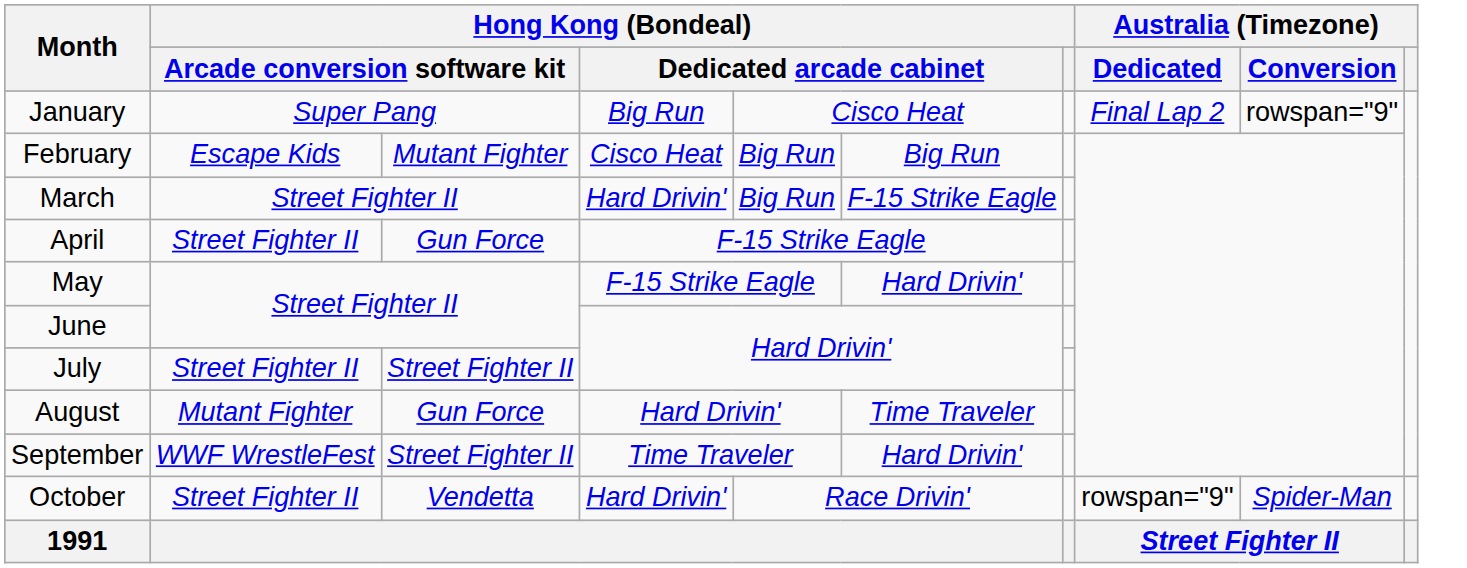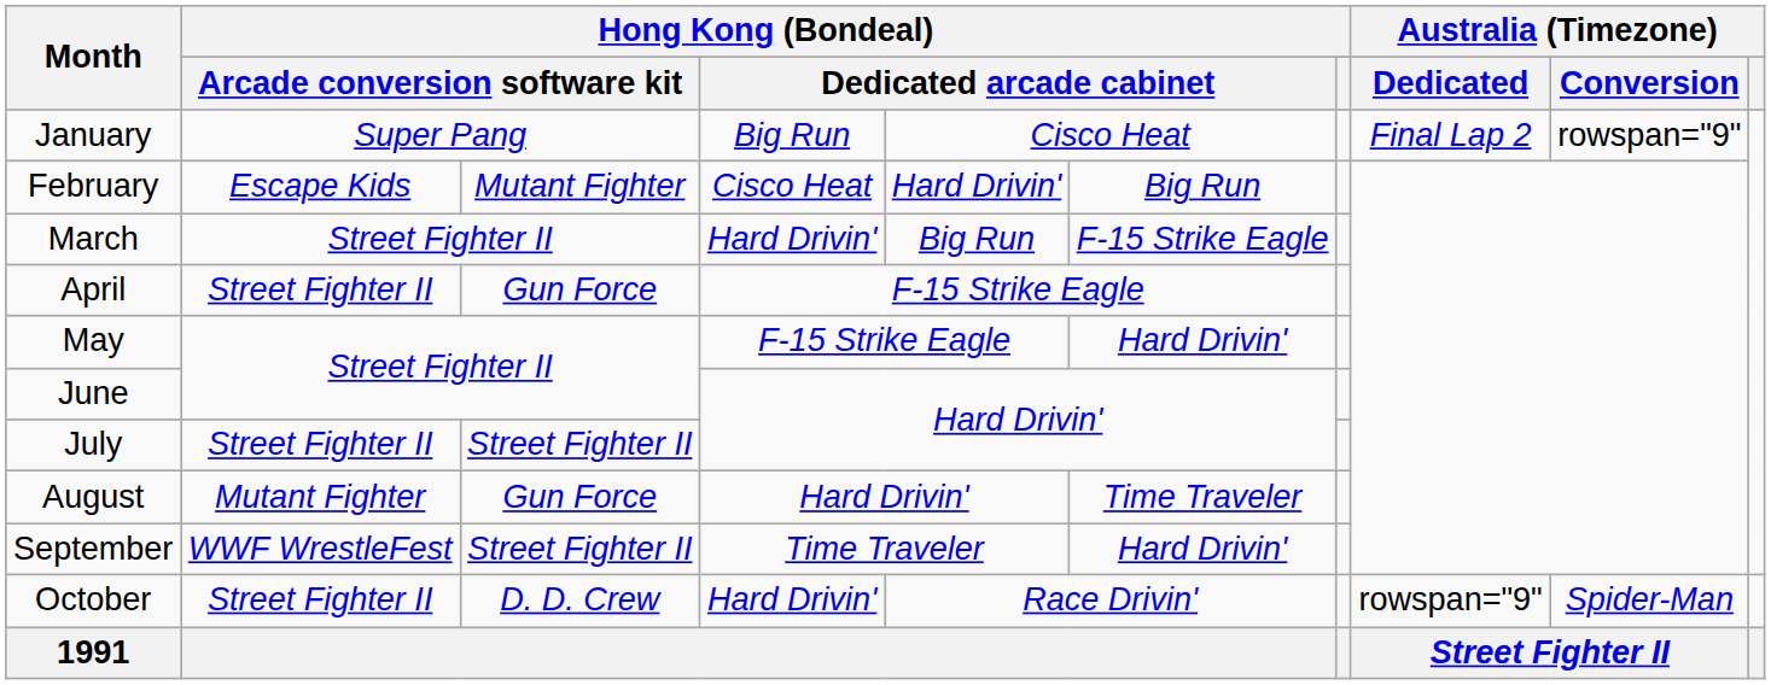 <table class="wikitable sortable" style="text-align:center">
 <tr>
 <th rowspan="2">Month</th>
 <th colspan="6"><a href='#'>Hong Kong</a> (Bondeal)</th>
 <th colspan="3"><a href='#'>Australia</a> (Timezone)</th>
 </tr>
 <tr>
 <th colspan="2"><a href='#'>Arcade conversion</a> software kit</th>
 <th colspan="3">Dedicated <a href='#'>arcade cabinet</a></th>
 <th class="unsortable"></th>
 <th><a href='#'>Dedicated</a></th>
 <th><a href='#'>Conversion</a></th>
 <th class="unsortable"></th>
 </tr>
 <tr>
 <td>January</td>
 <td colspan="2"><em><a href='#'>Super Pang</a></em></td>
 <td><em><a href='#'>Big Run</a></em></td>
 <td colspan="2"><em><a href='#'>Cisco Heat</a></em></td>
 <td></td>
 <td><em><a href='#'>Final Lap 2</a></em></td>
 <td>rowspan="9" </td>
 <td rowspan="9"></td>
 </tr>
 <tr>
 <td>February</td>
 <td><em><a href='#'>Escape Kids</a></em></td>
 <td><em><a href='#'>Mutant Fighter</a></em></td>
 <td><em><a href='#'>Cisco Heat</a></em></td>
-<td><em><a href='#'>Big Run</a></em></td>
+<td><em><a href='#'>Hard Drivin'</a></em></td>
 <td><em><a href='#'>Big Run</a></em></td>
 <td></td>
 </tr>
 <tr>
 <td>March</td>
 <td colspan="2"><em><a href='#'>Street Fighter II</a></em></td>
 <td><em><a href='#'>Hard Drivin'</a></em></td>
 <td><em><a href='#'>Big Run</a></em></td>
 <td><em><a href='#'>F-15 Strike Eagle</a></em></td>
 <td></td>
 </tr>
 <tr>
 <td>April</td>
 <td><em><a href='#'>Street Fighter II</a></em></td>
 <td><em><a href='#'>Gun Force</a></em></td>
 <td colspan="3"><em><a href='#'>F-15 Strike Eagle</a></em></td>
 <td></td>
 </tr>
 <tr>
 <td>May</td>
 <td colspan="2" rowspan="2"><em><a href='#'>Street Fighter II</a></em></td>
 <td colspan="2"><em><a href='#'>F-15 Strike Eagle</a></em></td>
 <td><em><a href='#'>Hard Drivin'</a></em></td>
 <td></td>
 </tr>
 <tr>
 <td>June</td>
 <td colspan="3" rowspan="2"><em><a href='#'>Hard Drivin'</a></em></td>
 <td></td>
 </tr>
 <tr>
 <td>July</td>
 <td><em><a href='#'>Street Fighter II</a></em></td>
 <td><em><a href='#'>Street Fighter II</a></em></td>
 <td></td>
 </tr>
 <tr>
 <td>August</td>
 <td><em><a href='#'>Mutant Fighter</a></em></td>
 <td><em><a href='#'>Gun Force</a></em></td>
 <td colspan="2"><em><a href='#'>Hard Drivin'</a></em></td>
 <td><em><a href='#'>Time Traveler</a></em></td>
 <td></td>
 </tr>
 <tr>
 <td>September</td>
 <td><em><a href='#'>WWF WrestleFest</a></em></td>
 <td><em><a href='#'>Street Fighter II</a></em></td>
 <td colspan="2"><em><a href='#'>Time Traveler</a></em></td>
 <td><em><a href='#'>Hard Drivin'</a></em></td>
 <td></td>
 </tr>
 <tr>
 <td>October</td>
 <td><em><a href='#'>Street Fighter II</a></em></td>
-<td><em><a href='#'>Vendetta</a></em></td>
+<td><em><a href='#'>D. D. Crew</a></em></td>
 <td><em><a href='#'>Hard Drivin'</a></em></td>
 <td colspan="2"><em><a href='#'>Race Drivin'</a></em></td>
 <td></td>
 <td>rowspan="9" </td>
 <td><em><a href='#'>Spider-Man</a></em></td>
 <td></td>
 </tr>
 <tr>
 <th>1991</th>
 <th colspan="5"></th>
 <th></th>
 <th colspan="2"><em><a href='#'>Street Fighter II</a></em></th>
 <th></th>
 </tr>
 </table>
